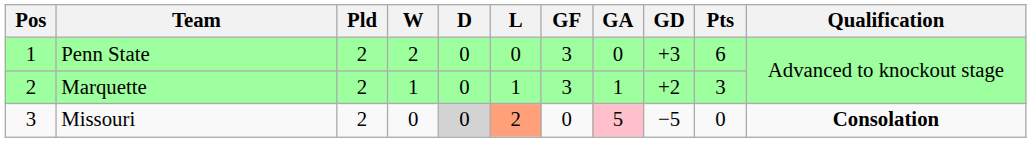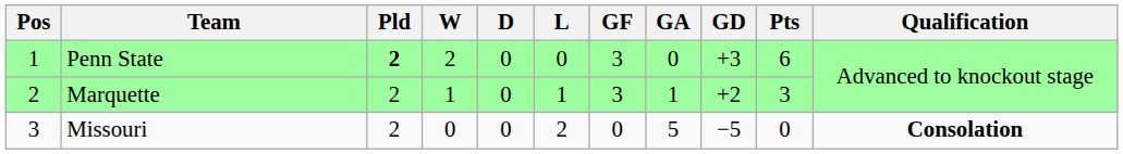 <table class="wikitable" style="text-align:center; margin: 1em auto">
 <tr>
 <th style="width:2em">Pos</th>
 <th style="width:13em">Team</th>
 <th style="width:2em">Pld</th>
 <th style="width:2em">W</th>
 <th style="width:2em">D</th>
 <th style="width:2em">L</th>
 <th style="width:2em">GF</th>
 <th style="width:2em">GA</th>
 <th style="width:2em">GD</th>
 <th style="width:2em">Pts</th>
 <th style="width:13em">Qualification</th>
 </tr>
 <tr bgcolor="#9eff9e">
 <td>1</td>
 <td style="text-align:left">Penn State</td>
-<td>2</td>
+<td><strong>2</strong></td>
 <td>2</td>
 <td>0</td>
 <td>0</td>
 <td>3</td>
 <td>0</td>
 <td>+3</td>
 <td>6</td>
 <td rowspan="2">Advanced to knockout stage</td>
 </tr>
 <tr bgcolor="#9eff9e">
 <td>2</td>
 <td style="text-align:left">Marquette</td>
 <td>2</td>
 <td>1</td>
 <td>0</td>
 <td>1</td>
 <td>3</td>
 <td>1</td>
 <td>+2</td>
 <td>3</td>
 </tr>
 <tr>
 <td>3</td>
 <td style="text-align:left">Missouri</td>
 <td>2</td>
 <td>0</td>
-<td style="background: lightgrey;">0</td>
-<td style="background: lightsalmon;">2</td>
 <td>0</td>
-<td style="background: pink;">5</td>
+<td>2</td>
+<td>0</td>
+<td>5</td>
 <td>−5</td>
 <td>0</td>
 <td><strong>Consolation</strong></td>
 </tr>
 </table>
